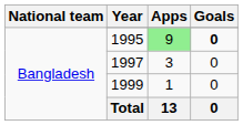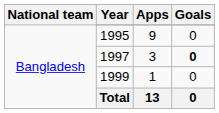 <table class="wikitable" style="text-align: center;">
 <tr>
 <th>National team</th>
 <th>Year</th>
 <th>Apps</th>
 <th>Goals</th>
 </tr>
 <tr>
 <td rowspan="5"><a href='#'>Bangladesh</a></td>
 </tr>
 <tr>
 <td>1995</td>
-<td style="background: lightgreen;">9</td>
-<td><strong>0</strong></td>
+<td>9</td>
+<td>0</td>
 </tr>
 <tr>
 <td>1997</td>
 <td>3</td>
-<td>0</td>
+<td><strong>0</strong></td>
 </tr>
 <tr>
 <td>1999</td>
 <td>1</td>
 <td>0</td>
 </tr>
 <tr>
 <th>Total</th>
 <th>13</th>
 <th>0</th>
 </tr>
 </table>
